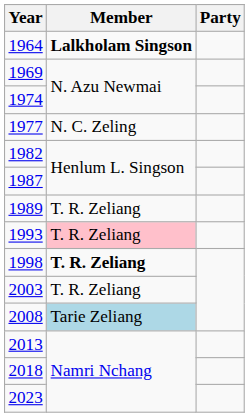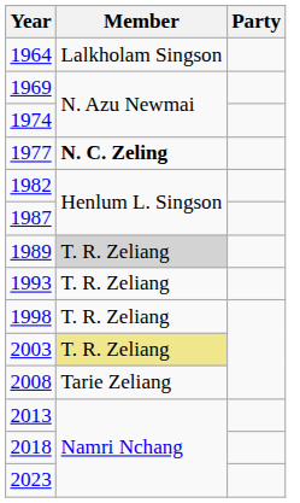 <table class="wikitable sortable">
 <tr>
 <th>Year</th>
 <th>Member</th>
 <th colspan="2">Party</th>
 </tr>
 <tr>
 <td><a href='#'>1964</a></td>
-<td><strong>Lalkholam Singson</strong></td>
+<td>Lalkholam Singson</td>
 <td></td>
 </tr>
 <tr>
 <td><a href='#'>1969</a></td>
 <td rowspan=2>N. Azu Newmai</td>
 </tr>
 <tr>
 <td><a href='#'>1974</a></td>
 <td></td>
 </tr>
 <tr>
 <td><a href='#'>1977</a></td>
-<td>N. C. Zeling</td>
+<td><strong>N. C. Zeling</strong></td>
 <td></td>
 </tr>
 <tr>
 <td><a href='#'>1982</a></td>
 <td rowspan=2>Henlum L. Singson</td>
 <td></td>
 </tr>
 <tr>
 <td><a href='#'>1987</a></td>
 <td></td>
 </tr>
 <tr>
 <td><a href='#'>1989</a></td>
+<td style="background: lightgrey;">T. R. Zeliang</td>
+<td></td>
+</tr>
+<tr>
+<td><a href='#'>1993</a></td>
 <td>T. R. Zeliang</td>
 <td></td>
 </tr>
 <tr>
-<td><a href='#'>1993</a></td>
-<td style="background: pink;">T. R. Zeliang</td>
-<td></td>
-</tr>
-<tr>
 <td><a href='#'>1998</a></td>
-<td><strong>T. R. Zeliang</strong></td>
+<td>T. R. Zeliang</td>
 </tr>
 <tr>
 <td><a href='#'>2003</a></td>
-<td>T. R. Zeliang</td>
+<td style="background: khaki;">T. R. Zeliang</td>
 </tr>
 <tr>
 <td><a href='#'>2008</a></td>
-<td style="background: lightblue;">Tarie Zeliang</td>
+<td>Tarie Zeliang</td>
 </tr>
 <tr>
 <td><a href='#'>2013</a></td>
 <td rowspan=3><a href='#'>Namri Nchang</a></td>
 <td></td>
 </tr>
 <tr>
 <td><a href='#'>2018</a></td>
 <td></td>
 </tr>
 <tr>
 <td><a href='#'>2023</a></td>
 <td></td>
 </tr>
 </table>
